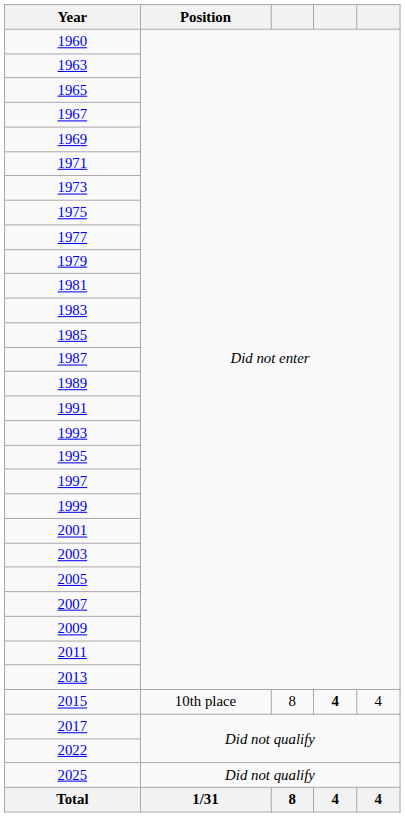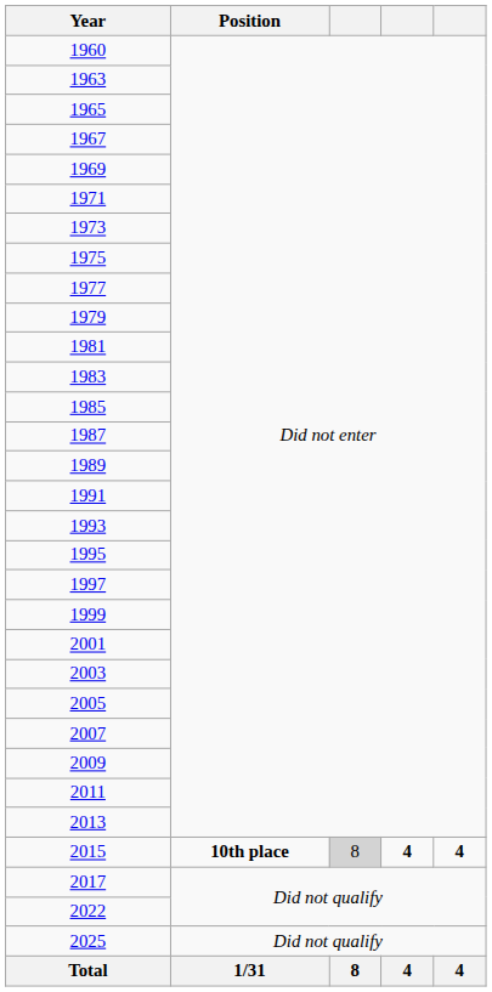 <table class="wikitable" style="text-align: center;font-size:90%;">
 <tr>
 <th width=125>Year</th>
 <th width=120>Position</th>
 <th width=35></th>
 <th width=35></th>
 <th width=35></th>
 </tr>
 <tr>
 <td> <a href='#'>1960</a></td>
 <td rowspan=27 colspan="4"><em>Did not enter</em></td>
 </tr>
 <tr>
 <td> <a href='#'>1963</a></td>
 </tr>
 <tr>
 <td> <a href='#'>1965</a></td>
 </tr>
 <tr>
 <td> <a href='#'>1967</a></td>
 </tr>
 <tr>
 <td> <a href='#'>1969</a></td>
 </tr>
 <tr>
 <td> <a href='#'>1971</a></td>
 </tr>
 <tr>
 <td> <a href='#'>1973</a></td>
 </tr>
 <tr>
 <td> <a href='#'>1975</a></td>
 </tr>
 <tr>
 <td> <a href='#'>1977</a></td>
 </tr>
 <tr>
 <td> <a href='#'>1979</a></td>
 </tr>
 <tr>
 <td> <a href='#'>1981</a></td>
 </tr>
 <tr>
 <td> <a href='#'>1983</a></td>
 </tr>
 <tr>
 <td> <a href='#'>1985</a></td>
 </tr>
 <tr>
 <td> <a href='#'>1987</a></td>
 </tr>
 <tr>
 <td> <a href='#'>1989</a></td>
 </tr>
 <tr>
 <td> <a href='#'>1991</a></td>
 </tr>
 <tr>
 <td> <a href='#'>1993</a></td>
 </tr>
 <tr>
 <td> <a href='#'>1995</a></td>
 </tr>
 <tr>
 <td> <a href='#'>1997</a></td>
 </tr>
 <tr>
 <td> <a href='#'>1999</a></td>
 </tr>
 <tr>
 <td> <a href='#'>2001</a></td>
 </tr>
 <tr>
 <td> <a href='#'>2003</a></td>
 </tr>
 <tr>
 <td> <a href='#'>2005</a></td>
 </tr>
 <tr>
 <td> <a href='#'>2007</a></td>
 </tr>
 <tr>
 <td> <a href='#'>2009</a></td>
 </tr>
 <tr>
 <td> <a href='#'>2011</a></td>
 </tr>
 <tr>
 <td> <a href='#'>2013</a></td>
 </tr>
 <tr>
 <td> <a href='#'>2015</a></td>
-<td>10th place</td>
-<td>8</td>
+<td><strong>10th place</strong></td>
+<td style="background: lightgrey;">8</td>
 <td><strong>4</strong></td>
-<td>4</td>
+<td><strong>4</strong></td>
 </tr>
 <tr>
 <td> <a href='#'>2017</a></td>
 <td rowspan=2 colspan="4"><em>Did not qualify</em></td>
 </tr>
 <tr>
 <td> <a href='#'>2022</a></td>
 </tr>
 <tr>
 <td> <a href='#'>2025</a></td>
 <td colspan="4"><em>Did not qualify</em></td>
 </tr>
 <tr>
 <th>Total</th>
 <th>1/31</th>
 <th>8</th>
 <th>4</th>
 <th>4</th>
 </tr>
 </table>
